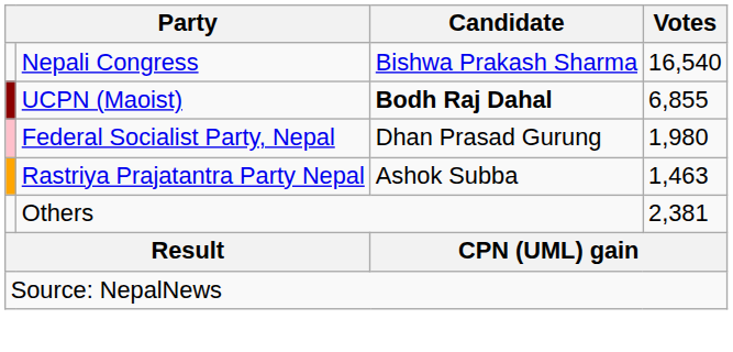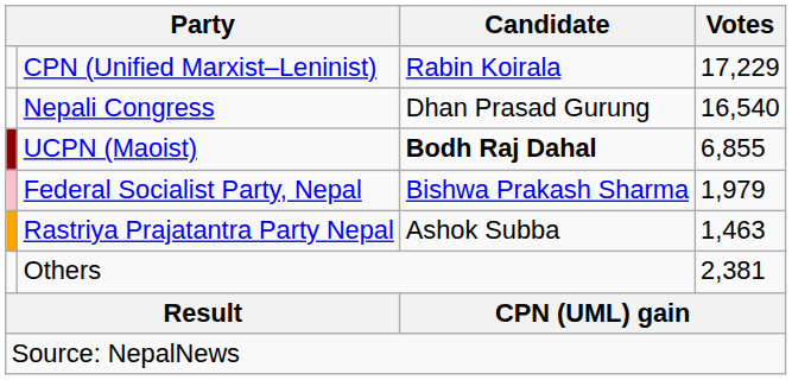 <table class="wikitable">
 <tr>
 <th colspan="2">Party</th>
 <th>Candidate</th>
 <th>Votes</th>
 </tr>
 <tr>
 <td style="background-color:"></td>
+<td><a href='#'>CPN (Unified Marxist–Leninist)</a></td>
+<td><a href='#'>Rabin Koirala</a></td>
+<td>17,229</td>
+</tr>
+<tr>
+<td style="background-color:"></td>
 <td><a href='#'>Nepali Congress</a></td>
-<td><a href='#'>Bishwa Prakash Sharma</a></td>
+<td>Dhan Prasad Gurung</td>
 <td>16,540</td>
 </tr>
 <tr>
 <td style="background-color:darkred"></td>
 <td><a href='#'>UCPN (Maoist)</a></td>
 <td><strong>Bodh Raj Dahal</strong></td>
 <td>6,855</td>
 </tr>
 <tr>
 <td style="background-color:pink"></td>
 <td><a href='#'>Federal Socialist Party, Nepal</a></td>
-<td>Dhan Prasad Gurung</td>
-<td>1,980</td>
+<td><a href='#'>Bishwa Prakash Sharma</a></td>
+<td>1,979</td>
 </tr>
 <tr>
 <td style="background-color:orange"></td>
 <td><a href='#'>Rastriya Prajatantra Party Nepal</a></td>
 <td>Ashok Subba</td>
 <td>1,463</td>
 </tr>
 <tr>
 <td></td>
 <td colspan="2">Others</td>
 <td>2,381</td>
 </tr>
 <tr>
 <th colspan="2">Result</th>
 <th colspan="2">CPN (UML) gain</th>
 </tr>
 <tr>
 <td colspan="4">Source: NepalNews</td>
 </tr>
 </table>
